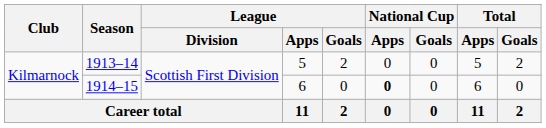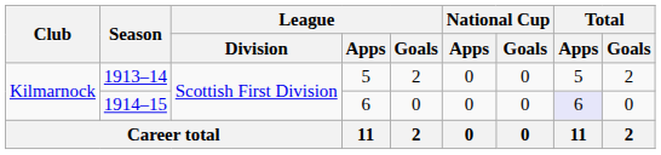 <table class="wikitable" style="text-align: center;">
 <tr>
 <th rowspan="2">Club</th>
 <th rowspan="2">Season</th>
 <th colspan="3">League</th>
 <th colspan="2">National Cup</th>
 <th colspan="2">Total</th>
 </tr>
 <tr>
 <th>Division</th>
 <th>Apps</th>
 <th>Goals</th>
 <th>Apps</th>
 <th>Goals</th>
 <th>Apps</th>
 <th>Goals</th>
 </tr>
 <tr>
 <td rowspan="2"><a href='#'>Kilmarnock</a></td>
 <td><a href='#'>1913–14</a></td>
 <td rowspan="2"><a href='#'>Scottish First Division</a></td>
 <td>5</td>
 <td>2</td>
 <td>0</td>
 <td>0</td>
 <td>5</td>
 <td>2</td>
 </tr>
 <tr>
 <td><a href='#'>1914–15</a></td>
 <td>6</td>
 <td>0</td>
-<td><strong>0</strong></td>
 <td>0</td>
-<td>6</td>
+<td>0</td>
+<td style="background: lavender;">6</td>
 <td>0</td>
 </tr>
 <tr>
 <th colspan="3">Career total</th>
 <th>11</th>
 <th>2</th>
 <th>0</th>
 <th>0</th>
 <th>11</th>
 <th>2</th>
 </tr>
 </table>
